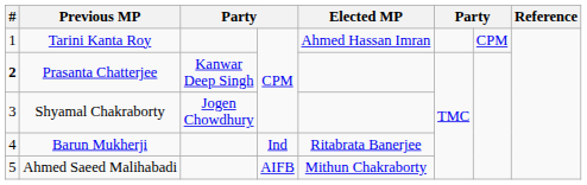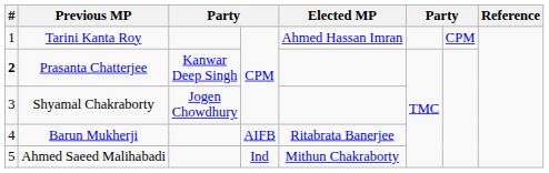 <table class="wikitable">
 <tr>
 <th>#</th>
 <th>Previous MP</th>
 <th colspan=2>Party</th>
 <th>Elected MP</th>
 <th colspan=2>Party</th>
 <th>Reference</th>
 </tr>
 <tr style="text-align:center;">
 <td>1</td>
 <td><a href='#'>Tarini Kanta Roy</a></td>
 <td></td>
 <td rowspan="3"><a href='#'>CPM</a></td>
 <td><a href='#'>Ahmed Hassan Imran</a></td>
 <td></td>
 <td><a href='#'>CPM</a></td>
 <td rowspan=5></td>
 </tr>
 <tr style="text-align:center;">
 <td><strong>2</strong></td>
 <td><a href='#'>Prasanta Chatterjee</a></td>
 <td><a href='#'>Kanwar Deep Singh</a></td>
 <td></td>
 <td rowspan="4"><a href='#'>TMC</a></td>
 </tr>
 <tr style="text-align:center;">
 <td>3</td>
 <td>Shyamal Chakraborty</td>
 <td><a href='#'>Jogen Chowdhury</a></td>
 </tr>
 <tr style="text-align:center;">
 <td>4</td>
 <td><a href='#'>Barun Mukherji</a></td>
 <td width="1px"></td>
-<td rowspan=1><a href='#'>Ind</a></td>
+<td><a href='#'>AIFB</a></td>
 <td><a href='#'>Ritabrata Banerjee</a></td>
 </tr>
 <tr style="text-align:center;">
 <td>5</td>
 <td>Ahmed Saeed Malihabadi</td>
 <td width="1px"></td>
-<td><a href='#'>AIFB</a></td>
+<td rowspan=1><a href='#'>Ind</a></td>
 <td><a href='#'>Mithun Chakraborty</a></td>
 </tr>
 </table>
